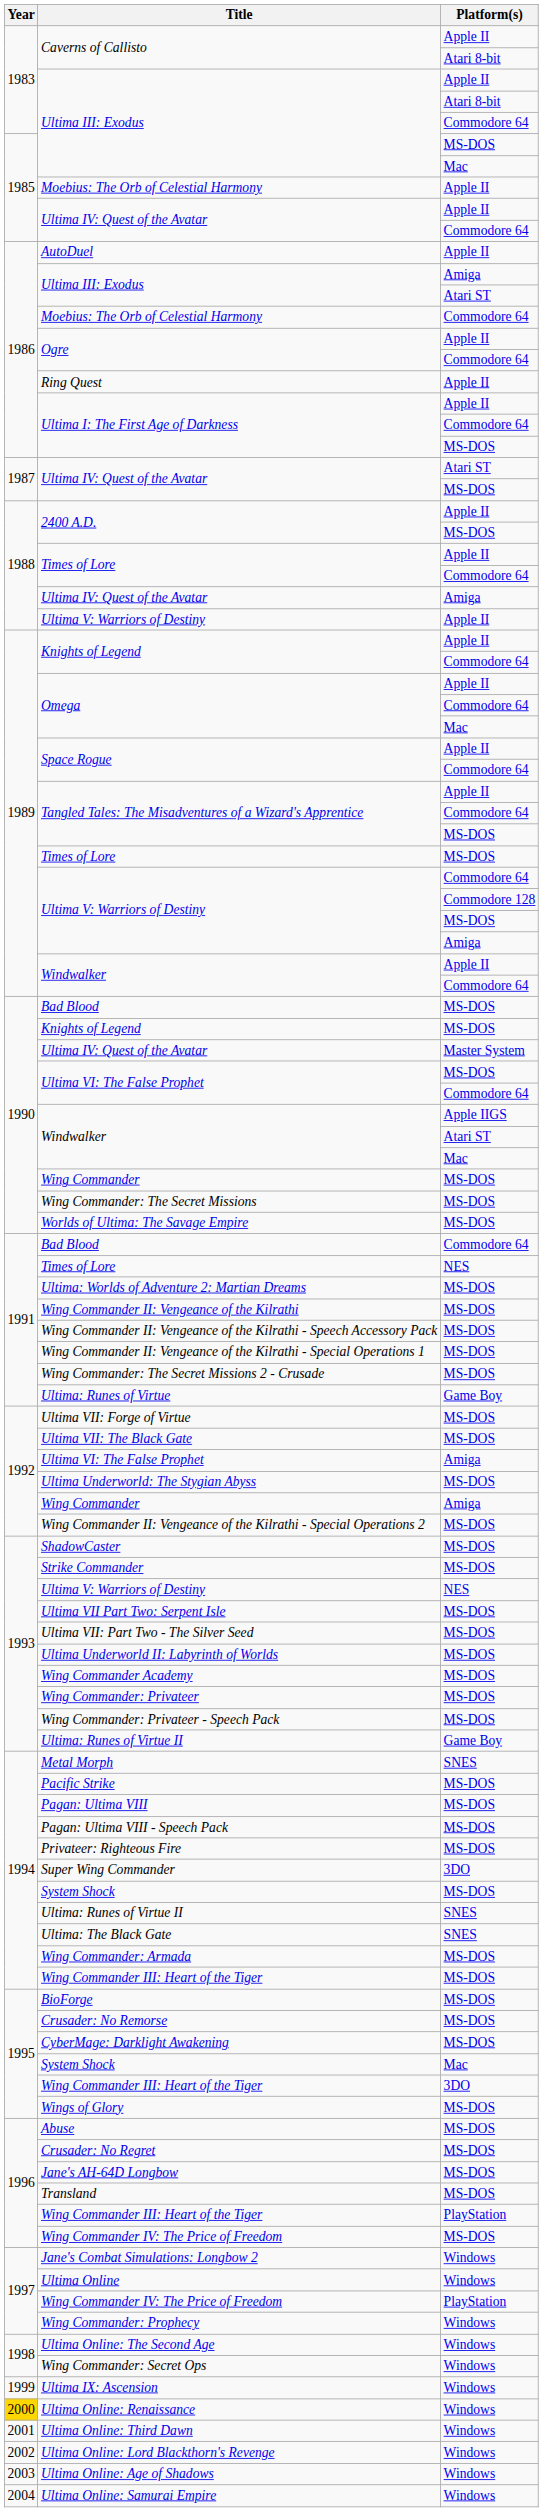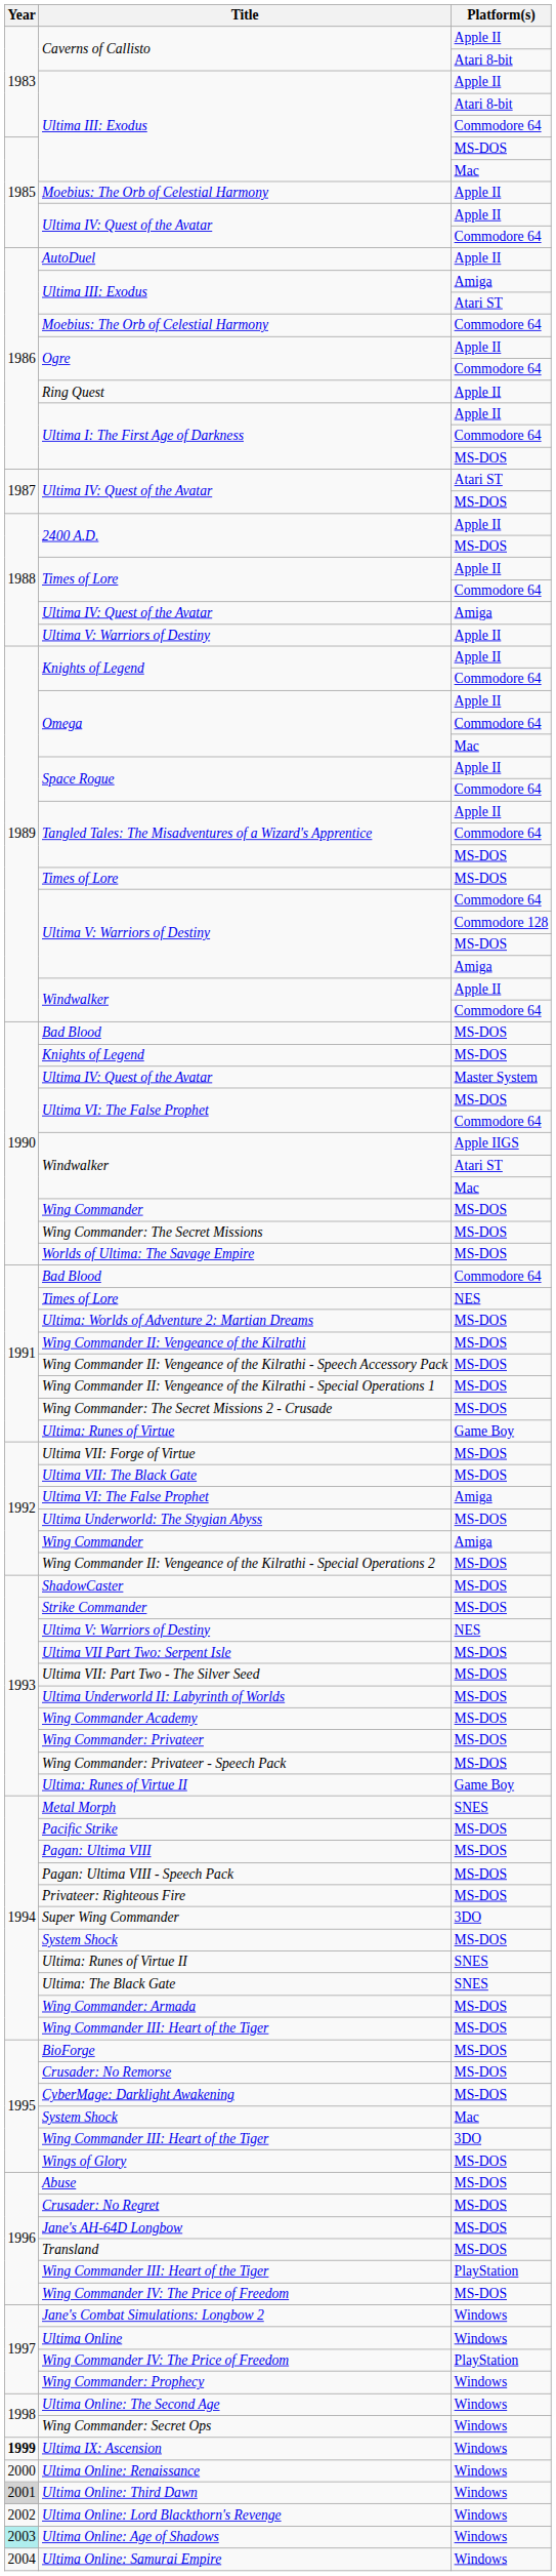 <table class="wikitable sortable">
 <tr>
 <th>Year</th>
 <th>Title</th>
 <th>Platform(s)</th>
 </tr>
 <tr>
 <td rowspan="5">1983</td>
 <td rowspan="2"><em>Caverns of Callisto</em></td>
 <td><a href='#'>Apple II</a></td>
 </tr>
 <tr>
 <td><a href='#'>Atari 8-bit</a></td>
 </tr>
 <tr>
 <td rowspan="5"><em><a href='#'>Ultima III: Exodus</a></em></td>
 <td><a href='#'>Apple II</a></td>
 </tr>
 <tr>
 <td><a href='#'>Atari 8-bit</a></td>
 </tr>
 <tr>
 <td><a href='#'>Commodore 64</a></td>
 </tr>
 <tr>
 <td rowspan="5">1985</td>
 <td><a href='#'>MS-DOS</a></td>
 </tr>
 <tr>
 <td><a href='#'>Mac</a></td>
 </tr>
 <tr>
 <td><em><a href='#'>Moebius: The Orb of Celestial Harmony</a></em></td>
 <td><a href='#'>Apple II</a></td>
 </tr>
 <tr>
 <td rowspan="2"><em><a href='#'>Ultima IV: Quest of the Avatar</a></em></td>
 <td><a href='#'>Apple II</a></td>
 </tr>
 <tr>
 <td><a href='#'>Commodore 64</a></td>
 </tr>
 <tr>
 <td rowspan="10">1986</td>
 <td><em><a href='#'>AutoDuel</a></em></td>
 <td><a href='#'>Apple II</a></td>
 </tr>
 <tr>
 <td rowspan="2"><em><a href='#'>Ultima III: Exodus</a></em></td>
 <td><a href='#'>Amiga</a></td>
 </tr>
 <tr>
 <td><a href='#'>Atari ST</a></td>
 </tr>
 <tr>
 <td><em><a href='#'>Moebius: The Orb of Celestial Harmony</a></em></td>
 <td><a href='#'>Commodore 64</a></td>
 </tr>
 <tr>
 <td rowspan="2"><em><a href='#'>Ogre</a></em></td>
 <td><a href='#'>Apple II</a></td>
 </tr>
 <tr>
 <td><a href='#'>Commodore 64</a></td>
 </tr>
 <tr>
 <td><em>Ring Quest</em></td>
 <td><a href='#'>Apple II</a></td>
 </tr>
 <tr>
 <td rowspan="3"><em><a href='#'>Ultima I: The First Age of Darkness</a></em></td>
 <td><a href='#'>Apple II</a></td>
 </tr>
 <tr>
 <td><a href='#'>Commodore 64</a></td>
 </tr>
 <tr>
 <td><a href='#'>MS-DOS</a></td>
 </tr>
 <tr>
 <td rowspan="2">1987</td>
 <td rowspan="2"><em><a href='#'>Ultima IV: Quest of the Avatar</a></em></td>
 <td><a href='#'>Atari ST</a></td>
 </tr>
 <tr>
 <td><a href='#'>MS-DOS</a></td>
 </tr>
 <tr>
 <td rowspan="6">1988</td>
 <td rowspan="2"><em><a href='#'>2400 A.D.</a></em></td>
 <td><a href='#'>Apple II</a></td>
 </tr>
 <tr>
 <td><a href='#'>MS-DOS</a></td>
 </tr>
 <tr>
 <td rowspan="2"><em><a href='#'>Times of Lore</a></em></td>
 <td><a href='#'>Apple II</a></td>
 </tr>
 <tr>
 <td><a href='#'>Commodore 64</a></td>
 </tr>
 <tr>
 <td><em><a href='#'>Ultima IV: Quest of the Avatar</a></em></td>
 <td><a href='#'>Amiga</a></td>
 </tr>
 <tr>
 <td><em><a href='#'>Ultima V: Warriors of Destiny</a></em></td>
 <td><a href='#'>Apple II</a></td>
 </tr>
 <tr>
 <td rowspan="17">1989</td>
 <td rowspan="2"><em><a href='#'>Knights of Legend</a></em></td>
 <td><a href='#'>Apple II</a></td>
 </tr>
 <tr>
 <td><a href='#'>Commodore 64</a></td>
 </tr>
 <tr>
 <td rowspan="3"><em><a href='#'>Omega</a></em></td>
 <td><a href='#'>Apple II</a></td>
 </tr>
 <tr>
 <td><a href='#'>Commodore 64</a></td>
 </tr>
 <tr>
 <td><a href='#'>Mac</a></td>
 </tr>
 <tr>
 <td rowspan="2"><em><a href='#'>Space Rogue</a></em></td>
 <td><a href='#'>Apple II</a></td>
 </tr>
 <tr>
 <td><a href='#'>Commodore 64</a></td>
 </tr>
 <tr>
 <td rowspan="3"><em><a href='#'>Tangled Tales: The Misadventures of a Wizard's Apprentice</a></em></td>
 <td><a href='#'>Apple II</a></td>
 </tr>
 <tr>
 <td><a href='#'>Commodore 64</a></td>
 </tr>
 <tr>
 <td><a href='#'>MS-DOS</a></td>
 </tr>
 <tr>
 <td><em><a href='#'>Times of Lore</a></em></td>
 <td><a href='#'>MS-DOS</a></td>
 </tr>
 <tr>
 <td rowspan="4"><em><a href='#'>Ultima V: Warriors of Destiny</a></em></td>
 <td><a href='#'>Commodore 64</a></td>
 </tr>
 <tr>
 <td><a href='#'>Commodore 128</a></td>
 </tr>
 <tr>
 <td><a href='#'>MS-DOS</a></td>
 </tr>
 <tr>
 <td><a href='#'>Amiga</a></td>
 </tr>
 <tr>
 <td rowspan="2"><em><a href='#'>Windwalker</a></em></td>
 <td><a href='#'>Apple II</a></td>
 </tr>
 <tr>
 <td><a href='#'>Commodore 64</a></td>
 </tr>
 <tr>
 <td rowspan="11">1990</td>
 <td><em><a href='#'>Bad Blood</a></em></td>
 <td><a href='#'>MS-DOS</a></td>
 </tr>
 <tr>
 <td><em><a href='#'>Knights of Legend</a></em></td>
 <td><a href='#'>MS-DOS</a></td>
 </tr>
 <tr>
 <td><em><a href='#'>Ultima IV: Quest of the Avatar</a></em></td>
 <td><a href='#'>Master System</a></td>
 </tr>
 <tr>
 <td rowspan="2"><em><a href='#'>Ultima VI: The False Prophet</a></em></td>
 <td><a href='#'>MS-DOS</a></td>
 </tr>
 <tr>
 <td><a href='#'>Commodore 64</a></td>
 </tr>
 <tr>
 <td rowspan="3"><em>Windwalker</em></td>
 <td><a href='#'>Apple IIGS</a></td>
 </tr>
 <tr>
 <td><a href='#'>Atari ST</a></td>
 </tr>
 <tr>
 <td><a href='#'>Mac</a></td>
 </tr>
 <tr>
 <td><em><a href='#'>Wing Commander</a></em></td>
 <td><a href='#'>MS-DOS</a></td>
 </tr>
 <tr>
 <td><em>Wing Commander: The Secret Missions</em></td>
 <td><a href='#'>MS-DOS</a></td>
 </tr>
 <tr>
 <td><em><a href='#'>Worlds of Ultima: The Savage Empire</a></em></td>
 <td><a href='#'>MS-DOS</a></td>
 </tr>
 <tr>
 <td rowspan="8">1991</td>
 <td><em><a href='#'>Bad Blood</a></em></td>
 <td><a href='#'>Commodore 64</a></td>
 </tr>
 <tr>
 <td><em><a href='#'>Times of Lore</a></em></td>
 <td><a href='#'>NES</a></td>
 </tr>
 <tr>
 <td><em><a href='#'>Ultima: Worlds of Adventure 2: Martian Dreams</a></em></td>
 <td><a href='#'>MS-DOS</a></td>
 </tr>
 <tr>
 <td><em><a href='#'>Wing Commander II: Vengeance of the Kilrathi</a></em></td>
 <td><a href='#'>MS-DOS</a></td>
 </tr>
 <tr>
 <td><em>Wing Commander II: Vengeance of the Kilrathi - Speech Accessory Pack</em></td>
 <td><a href='#'>MS-DOS</a></td>
 </tr>
 <tr>
 <td><em>Wing Commander II: Vengeance of the Kilrathi - Special Operations 1</em></td>
 <td><a href='#'>MS-DOS</a></td>
 </tr>
 <tr>
 <td><em>Wing Commander: The Secret Missions 2 - Crusade</em></td>
 <td><a href='#'>MS-DOS</a></td>
 </tr>
 <tr>
 <td><em><a href='#'>Ultima: Runes of Virtue</a></em></td>
 <td><a href='#'>Game Boy</a></td>
 </tr>
 <tr>
 <td rowspan="6">1992</td>
 <td><em>Ultima VII: Forge of Virtue</em></td>
 <td><a href='#'>MS-DOS</a></td>
 </tr>
 <tr>
 <td><em><a href='#'>Ultima VII: The Black Gate</a></em></td>
 <td><a href='#'>MS-DOS</a></td>
 </tr>
 <tr>
 <td><em><a href='#'>Ultima VI: The False Prophet</a></em></td>
 <td><a href='#'>Amiga</a></td>
 </tr>
 <tr>
 <td><em><a href='#'>Ultima Underworld: The Stygian Abyss</a></em></td>
 <td><a href='#'>MS-DOS</a></td>
 </tr>
 <tr>
 <td><em><a href='#'>Wing Commander</a></em></td>
 <td><a href='#'>Amiga</a></td>
 </tr>
 <tr>
 <td><em>Wing Commander II: Vengeance of the Kilrathi - Special Operations 2</em></td>
 <td><a href='#'>MS-DOS</a></td>
 </tr>
 <tr>
 <td rowspan="10">1993</td>
 <td><em><a href='#'>ShadowCaster</a></em></td>
 <td><a href='#'>MS-DOS</a></td>
 </tr>
 <tr>
 <td><em><a href='#'>Strike Commander</a></em></td>
 <td><a href='#'>MS-DOS</a></td>
 </tr>
 <tr>
 <td><em><a href='#'>Ultima V: Warriors of Destiny</a></em></td>
 <td><a href='#'>NES</a></td>
 </tr>
 <tr>
 <td><em><a href='#'>Ultima VII Part Two: Serpent Isle</a></em></td>
 <td><a href='#'>MS-DOS</a></td>
 </tr>
 <tr>
 <td><em>Ultima VII: Part Two - The Silver Seed</em></td>
 <td><a href='#'>MS-DOS</a></td>
 </tr>
 <tr>
 <td><em><a href='#'>Ultima Underworld II: Labyrinth of Worlds</a></em></td>
 <td><a href='#'>MS-DOS</a></td>
 </tr>
 <tr>
 <td><em><a href='#'>Wing Commander Academy</a></em></td>
 <td><a href='#'>MS-DOS</a></td>
 </tr>
 <tr>
 <td><em><a href='#'>Wing Commander: Privateer</a></em></td>
 <td><a href='#'>MS-DOS</a></td>
 </tr>
 <tr>
 <td><em>Wing Commander: Privateer - Speech Pack</em></td>
 <td><a href='#'>MS-DOS</a></td>
 </tr>
 <tr>
 <td><em><a href='#'>Ultima: Runes of Virtue II</a></em></td>
 <td><a href='#'>Game Boy</a></td>
 </tr>
 <tr>
 <td rowspan="11">1994</td>
 <td><em><a href='#'>Metal Morph</a></em></td>
 <td><a href='#'>SNES</a></td>
 </tr>
 <tr>
 <td><em><a href='#'>Pacific Strike</a></em></td>
 <td><a href='#'>MS-DOS</a></td>
 </tr>
 <tr>
 <td><em><a href='#'>Pagan: Ultima VIII</a></em></td>
 <td><a href='#'>MS-DOS</a></td>
 </tr>
 <tr>
 <td><em>Pagan: Ultima VIII - Speech Pack</em></td>
 <td><a href='#'>MS-DOS</a></td>
 </tr>
 <tr>
 <td><em>Privateer: Righteous Fire</em></td>
 <td><a href='#'>MS-DOS</a></td>
 </tr>
 <tr>
 <td><em>Super Wing Commander</em></td>
 <td><a href='#'>3DO</a></td>
 </tr>
 <tr>
 <td><em><a href='#'>System Shock</a></em></td>
 <td><a href='#'>MS-DOS</a></td>
 </tr>
 <tr>
 <td><em>Ultima: Runes of Virtue II</em></td>
 <td><a href='#'>SNES</a></td>
 </tr>
 <tr>
 <td><em>Ultima: The Black Gate</em></td>
 <td><a href='#'>SNES</a></td>
 </tr>
 <tr>
 <td><em><a href='#'>Wing Commander: Armada</a></em></td>
 <td><a href='#'>MS-DOS</a></td>
 </tr>
 <tr>
 <td><em><a href='#'>Wing Commander III: Heart of the Tiger</a></em></td>
 <td><a href='#'>MS-DOS</a></td>
 </tr>
 <tr>
 <td rowspan="6">1995</td>
 <td><em><a href='#'>BioForge</a></em></td>
 <td><a href='#'>MS-DOS</a></td>
 </tr>
 <tr>
 <td><em><a href='#'>Crusader: No Remorse</a></em></td>
 <td><a href='#'>MS-DOS</a></td>
 </tr>
 <tr>
 <td><em><a href='#'>CyberMage: Darklight Awakening</a></em></td>
 <td><a href='#'>MS-DOS</a></td>
 </tr>
 <tr>
 <td><em><a href='#'>System Shock</a></em></td>
 <td><a href='#'>Mac</a></td>
 </tr>
 <tr>
 <td><em><a href='#'>Wing Commander III: Heart of the Tiger</a></em></td>
 <td><a href='#'>3DO</a></td>
 </tr>
 <tr>
 <td><em><a href='#'>Wings of Glory</a></em></td>
 <td><a href='#'>MS-DOS</a></td>
 </tr>
 <tr>
 <td rowspan="6">1996</td>
 <td><em><a href='#'>Abuse</a></em></td>
 <td><a href='#'>MS-DOS</a></td>
 </tr>
 <tr>
 <td><em><a href='#'>Crusader: No Regret</a></em></td>
 <td><a href='#'>MS-DOS</a></td>
 </tr>
 <tr>
 <td><em><a href='#'>Jane's AH-64D Longbow</a></em></td>
 <td><a href='#'>MS-DOS</a></td>
 </tr>
 <tr>
 <td><em>Transland</em></td>
 <td><a href='#'>MS-DOS</a></td>
 </tr>
 <tr>
 <td><em><a href='#'>Wing Commander III: Heart of the Tiger</a></em></td>
 <td><a href='#'>PlayStation</a></td>
 </tr>
 <tr>
 <td><em><a href='#'>Wing Commander IV: The Price of Freedom</a></em></td>
 <td><a href='#'>MS-DOS</a></td>
 </tr>
 <tr>
 <td rowspan="4">1997</td>
 <td><em><a href='#'>Jane's Combat Simulations: Longbow 2</a></em></td>
 <td><a href='#'>Windows</a></td>
 </tr>
 <tr>
 <td><em><a href='#'>Ultima Online</a></em></td>
 <td><a href='#'>Windows</a></td>
 </tr>
 <tr>
 <td><em><a href='#'>Wing Commander IV: The Price of Freedom</a></em></td>
 <td><a href='#'>PlayStation</a></td>
 </tr>
 <tr>
 <td><em><a href='#'>Wing Commander: Prophecy</a></em></td>
 <td><a href='#'>Windows</a></td>
 </tr>
 <tr>
 <td rowspan="2">1998</td>
 <td><em><a href='#'>Ultima Online: The Second Age</a></em></td>
 <td><a href='#'>Windows</a></td>
 </tr>
 <tr>
 <td><em>Wing Commander: Secret Ops</em></td>
 <td><a href='#'>Windows</a></td>
 </tr>
 <tr>
-<td>1999</td>
+<td><strong>1999</strong></td>
 <td><em><a href='#'>Ultima IX: Ascension</a></em></td>
 <td><a href='#'>Windows</a></td>
 </tr>
 <tr>
-<td style="background: gold;">2000</td>
+<td>2000</td>
 <td><em><a href='#'>Ultima Online: Renaissance</a></em></td>
 <td><a href='#'>Windows</a></td>
 </tr>
 <tr>
-<td>2001</td>
+<td style="background: lightgrey;">2001</td>
 <td><em><a href='#'>Ultima Online: Third Dawn</a></em></td>
 <td><a href='#'>Windows</a></td>
 </tr>
 <tr>
 <td>2002</td>
 <td><em><a href='#'>Ultima Online: Lord Blackthorn's Revenge</a></em></td>
 <td><a href='#'>Windows</a></td>
 </tr>
 <tr>
-<td>2003</td>
+<td style="background: paleturquoise;">2003</td>
 <td><em><a href='#'>Ultima Online: Age of Shadows</a></em></td>
 <td><a href='#'>Windows</a></td>
 </tr>
 <tr>
 <td>2004</td>
 <td><em><a href='#'>Ultima Online: Samurai Empire</a></em></td>
 <td><a href='#'>Windows</a></td>
 </tr>
 </table>
